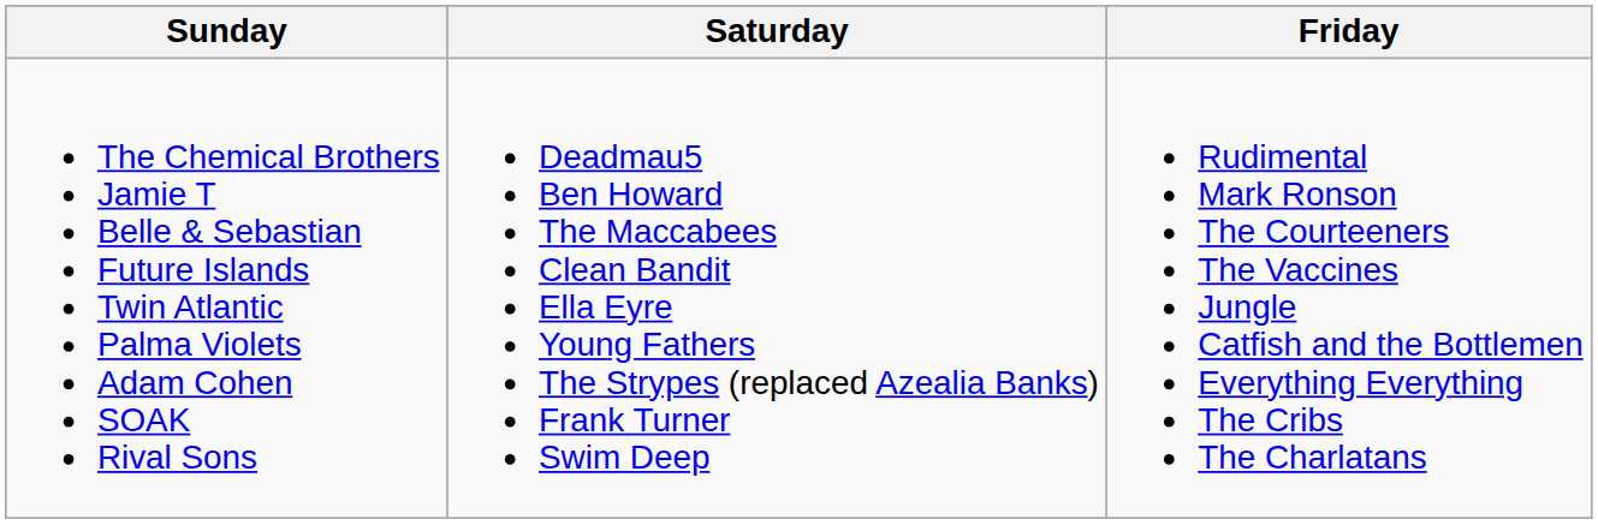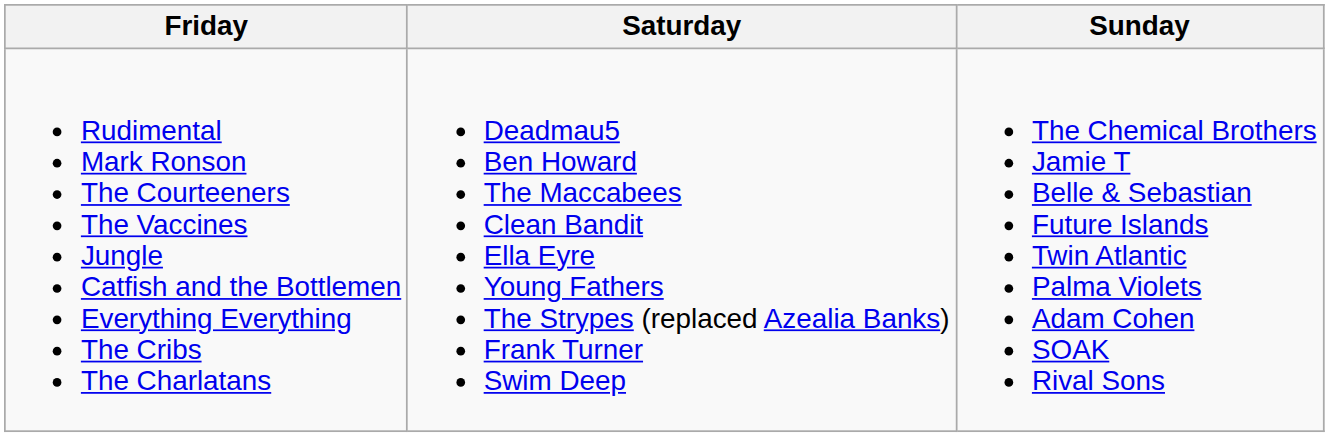 <table class="wikitable">
 <tr>
+<th>Friday</th>
+<th>Saturday</th>
 <th>Sunday</th>
-<th>Saturday</th>
-<th>Friday</th>
 </tr>
 <tr valign="top">
+<td><br><ul><li><a href='#'>Rudimental</a></li><li><a href='#'>Mark Ronson</a></li><li><a href='#'>The Courteeners</a></li><li><a href='#'>The Vaccines</a></li><li><a href='#'>Jungle</a></li><li><a href='#'>Catfish and the Bottlemen</a></li><li><a href='#'>Everything Everything</a></li><li><a href='#'>The Cribs</a></li><li><a href='#'>The Charlatans</a></li></ul></td>
+<td><br><ul><li><a href='#'>Deadmau5</a></li><li><a href='#'>Ben Howard</a></li><li><a href='#'>The Maccabees</a></li><li><a href='#'>Clean Bandit</a></li><li><a href='#'>Ella Eyre</a></li><li><a href='#'>Young Fathers</a></li><li><a href='#'>The Strypes</a> (replaced <a href='#'>Azealia Banks</a>)</li><li><a href='#'>Frank Turner</a></li><li><a href='#'>Swim Deep</a></li></ul></td>
 <td><br><ul><li><a href='#'>The Chemical Brothers</a></li><li><a href='#'>Jamie T</a></li><li><a href='#'>Belle & Sebastian</a></li><li><a href='#'>Future Islands</a></li><li><a href='#'>Twin Atlantic</a></li><li><a href='#'>Palma Violets</a></li><li><a href='#'>Adam Cohen</a></li><li><a href='#'>SOAK</a></li><li><a href='#'>Rival Sons</a></li></ul></td>
-<td><br><ul><li><a href='#'>Deadmau5</a></li><li><a href='#'>Ben Howard</a></li><li><a href='#'>The Maccabees</a></li><li><a href='#'>Clean Bandit</a></li><li><a href='#'>Ella Eyre</a></li><li><a href='#'>Young Fathers</a></li><li><a href='#'>The Strypes</a> (replaced <a href='#'>Azealia Banks</a>)</li><li><a href='#'>Frank Turner</a></li><li><a href='#'>Swim Deep</a></li></ul></td>
-<td><br><ul><li><a href='#'>Rudimental</a></li><li><a href='#'>Mark Ronson</a></li><li><a href='#'>The Courteeners</a></li><li><a href='#'>The Vaccines</a></li><li><a href='#'>Jungle</a></li><li><a href='#'>Catfish and the Bottlemen</a></li><li><a href='#'>Everything Everything</a></li><li><a href='#'>The Cribs</a></li><li><a href='#'>The Charlatans</a></li></ul></td>
 </tr>
 </table>
